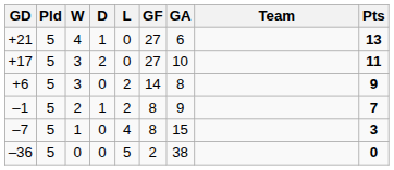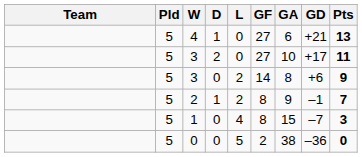 <table class=wikitable style="text-align:center">
 <tr>
-<th width=20>GD</th>
+<th width=175>Team</th>
 <th width=20>Pld</th>
 <th width=20>W</th>
 <th width=20>D</th>
 <th width=20>L</th>
 <th width=20>GF</th>
 <th width=20>GA</th>
-<th width=175>Team</th>
+<th width=20>GD</th>
 <th width=20>Pts</th>
 </tr>
 <tr>
-<td>+21</td>
+<td style="text-align:left"></td>
 <td>5</td>
 <td>4</td>
 <td>1</td>
 <td>0</td>
 <td>27</td>
 <td>6</td>
-<td style="text-align:left"></td>
+<td>+21</td>
 <td><strong>13</strong></td>
 </tr>
 <tr>
-<td>+17</td>
+<td style="text-align:left"></td>
 <td>5</td>
 <td>3</td>
 <td>2</td>
 <td>0</td>
 <td>27</td>
 <td>10</td>
-<td style="text-align:left"></td>
+<td>+17</td>
 <td><strong>11</strong></td>
 </tr>
 <tr>
-<td>+6</td>
+<td style="text-align:left"></td>
 <td>5</td>
 <td>3</td>
 <td>0</td>
 <td>2</td>
 <td>14</td>
 <td>8</td>
-<td style="text-align:left"></td>
+<td>+6</td>
 <td><strong>9</strong></td>
 </tr>
 <tr>
-<td>–1</td>
+<td style="text-align:left"></td>
 <td>5</td>
 <td>2</td>
 <td>1</td>
 <td>2</td>
 <td>8</td>
 <td>9</td>
-<td style="text-align:left"></td>
+<td>–1</td>
 <td><strong>7</strong></td>
 </tr>
 <tr>
-<td>–7</td>
+<td style="text-align:left"></td>
 <td>5</td>
 <td>1</td>
 <td>0</td>
 <td>4</td>
 <td>8</td>
 <td>15</td>
-<td style="text-align:left"></td>
+<td>–7</td>
 <td><strong>3</strong></td>
 </tr>
 <tr>
-<td>–36</td>
+<td style="text-align:left"></td>
 <td>5</td>
 <td>0</td>
 <td>0</td>
 <td>5</td>
 <td>2</td>
 <td>38</td>
-<td style="text-align:left"></td>
+<td>–36</td>
 <td><strong>0</strong></td>
 </tr>
 </table>
